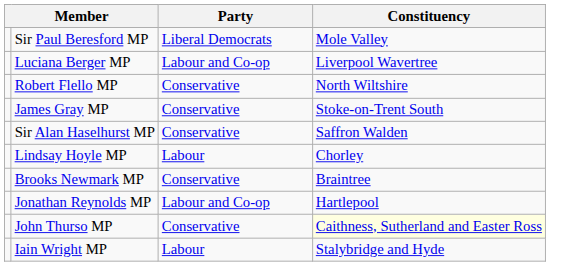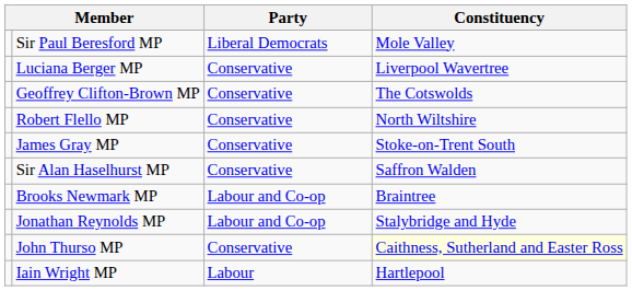 <table class="wikitable">
 <tr>
 <th width="160px" colspan="2" valign="top">Member</th>
 <th width="160px" valign="top">Party</th>
 <th valign="top">Constituency</th>
 </tr>
 <tr>
 <td style="color:inherit;background:"></td>
 <td>Sir <a href='#'>Paul Beresford</a> MP</td>
 <td><a href='#'>Liberal Democrats</a></td>
 <td><a href='#'>Mole Valley</a></td>
 </tr>
 <tr>
 <td style="color:inherit;background:"></td>
 <td><a href='#'>Luciana Berger</a> MP</td>
-<td><a href='#'>Labour and Co-op</a></td>
+<td><a href='#'>Conservative</a></td>
 <td><a href='#'>Liverpool Wavertree</a></td>
+</tr>
+<tr>
+<td style="color:inherit;background:"></td>
+<td><a href='#'>Geoffrey Clifton-Brown</a> MP</td>
+<td><a href='#'>Conservative</a></td>
+<td><a href='#'>The Cotswolds</a></td>
 </tr>
 <tr>
 <td style="color:inherit;background:"></td>
 <td><a href='#'>Robert Flello</a> MP</td>
 <td><a href='#'>Conservative</a></td>
 <td><a href='#'>North Wiltshire</a></td>
 </tr>
 <tr>
 <td style="color:inherit;background:"></td>
 <td><a href='#'>James Gray</a> MP</td>
 <td><a href='#'>Conservative</a></td>
 <td><a href='#'>Stoke-on-Trent South</a></td>
 </tr>
 <tr>
 <td style="color:inherit;background:"></td>
 <td>Sir <a href='#'>Alan Haselhurst</a> MP</td>
 <td><a href='#'>Conservative</a></td>
 <td><a href='#'>Saffron Walden</a></td>
 </tr>
 <tr>
 <td style="color:inherit;background:"></td>
-<td><a href='#'>Lindsay Hoyle</a> MP</td>
-<td><a href='#'>Labour</a></td>
-<td><a href='#'>Chorley</a></td>
-</tr>
-<tr>
-<td style="color:inherit;background:"></td>
 <td><a href='#'>Brooks Newmark</a> MP</td>
-<td><a href='#'>Conservative</a></td>
+<td><a href='#'>Labour and Co-op</a></td>
 <td><a href='#'>Braintree</a></td>
 </tr>
 <tr>
 <td style="color:inherit;background:"></td>
 <td><a href='#'>Jonathan Reynolds</a> MP</td>
 <td><a href='#'>Labour and Co-op</a></td>
-<td><a href='#'>Hartlepool</a></td>
+<td><a href='#'>Stalybridge and Hyde</a></td>
 </tr>
 <tr>
 <td style="color:inherit;background:"></td>
 <td><a href='#'>John Thurso</a> MP</td>
 <td><a href='#'>Conservative</a></td>
 <td style="background: lightyellow;"><a href='#'>Caithness, Sutherland and Easter Ross</a></td>
 </tr>
 <tr>
 <td style="color:inherit;background:"></td>
 <td><a href='#'>Iain Wright</a> MP</td>
 <td><a href='#'>Labour</a></td>
-<td><a href='#'>Stalybridge and Hyde</a></td>
+<td><a href='#'>Hartlepool</a></td>
 </tr>
 </table>
